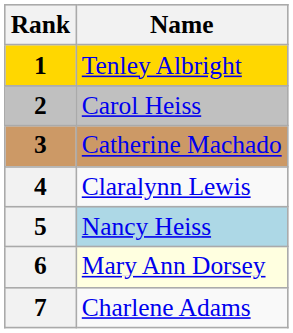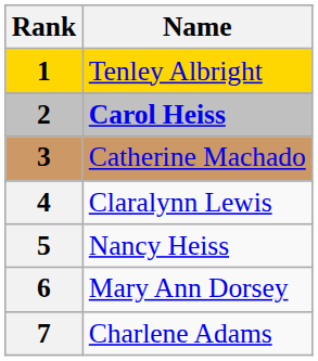 <table class="wikitable">
 <tr>
 <th>Rank</th>
 <th>Name</th>
 </tr>
 <tr bgcolor="gold">
 <td align="center"><strong>1</strong></td>
 <td><a href='#'>Tenley Albright</a></td>
 </tr>
 <tr bgcolor="silver">
 <td align="center"><strong>2</strong></td>
-<td><a href='#'>Carol Heiss</a></td>
+<td><strong><a href='#'>Carol Heiss</a></strong></td>
 </tr>
 <tr bgcolor="cc9966">
 <td align="center"><strong>3</strong></td>
 <td><a href='#'>Catherine Machado</a></td>
 </tr>
 <tr>
 <th>4</th>
 <td><a href='#'>Claralynn Lewis</a></td>
 </tr>
 <tr>
 <th>5</th>
-<td style="background: lightblue;"><a href='#'>Nancy Heiss</a></td>
+<td><a href='#'>Nancy Heiss</a></td>
 </tr>
 <tr>
 <th>6</th>
-<td style="background: lightyellow;"><a href='#'>Mary Ann Dorsey</a></td>
+<td><a href='#'>Mary Ann Dorsey</a></td>
 </tr>
 <tr>
 <th>7</th>
 <td><a href='#'>Charlene Adams</a></td>
 </tr>
 </table>
